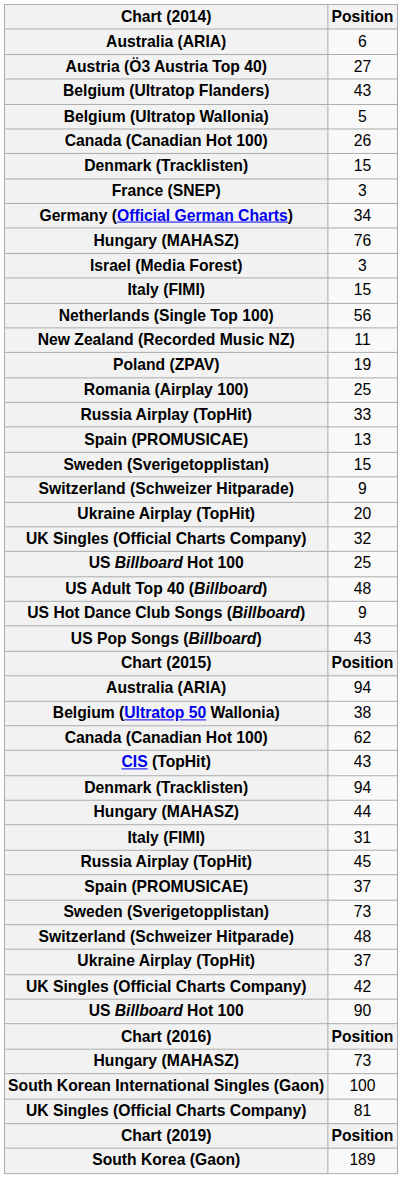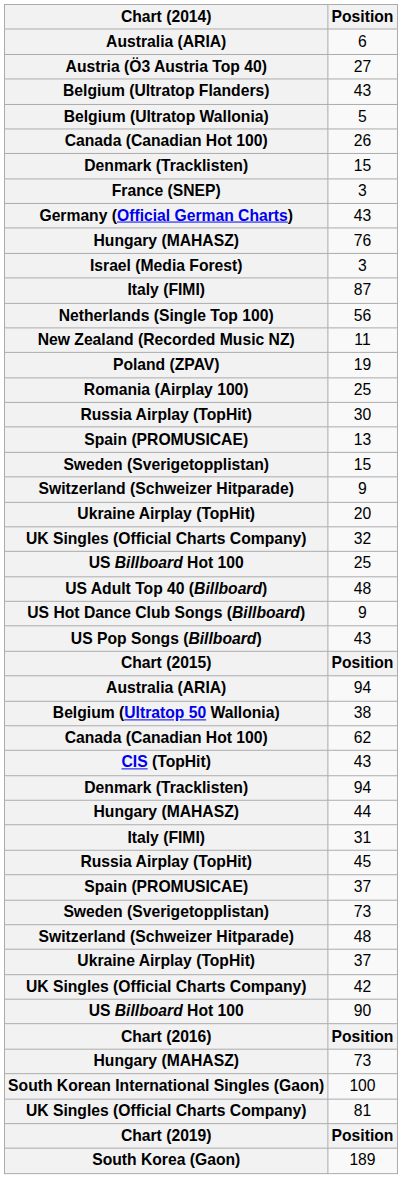 <table class="wikitable plainrowheaders sortable" style="text-align:center;">
 <tr>
 <th>Chart (2014)</th>
 <th>Position</th>
 </tr>
 <tr>
 <th scope="row">Australia (ARIA)</th>
 <td>6</td>
 </tr>
 <tr>
 <th scope="row">Austria (Ö3 Austria Top 40)</th>
 <td>27</td>
 </tr>
 <tr>
 <th scope="row">Belgium (Ultratop Flanders)</th>
 <td>43</td>
 </tr>
 <tr>
 <th scope="row">Belgium (Ultratop Wallonia)</th>
 <td>5</td>
 </tr>
 <tr>
 <th scope="row">Canada (Canadian Hot 100)</th>
 <td>26</td>
 </tr>
 <tr>
 <th scope="row">Denmark (Tracklisten)</th>
 <td>15</td>
 </tr>
 <tr>
 <th scope="row">France (SNEP)</th>
 <td>3</td>
 </tr>
 <tr>
 <th scope="row">Germany (<a href='#'>Official German Charts</a>)</th>
-<td>34</td>
+<td>43</td>
 </tr>
 <tr>
 <th scope="row">Hungary (MAHASZ)</th>
 <td>76</td>
 </tr>
 <tr>
 <th scope="row">Israel (Media Forest)</th>
 <td>3</td>
 </tr>
 <tr>
 <th scope="row">Italy (FIMI)</th>
-<td>15</td>
+<td>87</td>
 </tr>
 <tr>
 <th scope="row">Netherlands (Single Top 100)</th>
 <td>56</td>
 </tr>
 <tr>
 <th scope="row">New Zealand (Recorded Music NZ)</th>
 <td>11</td>
 </tr>
 <tr>
 <th scope="row">Poland (ZPAV)</th>
 <td>19</td>
 </tr>
 <tr>
 <th scope="row">Romania (Airplay 100)</th>
 <td>25</td>
 </tr>
 <tr>
 <th scope="row">Russia Airplay (TopHit)</th>
-<td style="text-align:center;">33</td>
+<td style="text-align:center;">30</td>
 </tr>
 <tr>
 <th scope="row">Spain (PROMUSICAE)</th>
 <td>13</td>
 </tr>
 <tr>
 <th scope="row">Sweden (Sverigetopplistan)</th>
 <td>15</td>
 </tr>
 <tr>
 <th scope="row">Switzerland (Schweizer Hitparade)</th>
 <td>9</td>
 </tr>
 <tr>
 <th scope="row">Ukraine Airplay (TopHit)</th>
 <td style="text-align:center;">20</td>
 </tr>
 <tr>
 <th scope="row">UK Singles (Official Charts Company)</th>
 <td>32</td>
 </tr>
 <tr>
 <th scope="row">US <em>Billboard</em> Hot 100</th>
 <td>25</td>
 </tr>
 <tr>
 <th scope="row">US Adult Top 40 (<em>Billboard</em>)</th>
 <td>48</td>
 </tr>
 <tr>
 <th scope="row">US Hot Dance Club Songs (<em>Billboard</em>)</th>
 <td>9</td>
 </tr>
 <tr>
 <th scope="row">US Pop Songs (<em>Billboard</em>)</th>
 <td>43</td>
 </tr>
 <tr>
 <th>Chart (2015)</th>
 <th>Position</th>
 </tr>
 <tr>
 <th scope="row">Australia (ARIA)</th>
 <td>94</td>
 </tr>
 <tr>
 <th scope="row">Belgium (<a href='#'>Ultratop 50</a> Wallonia)</th>
 <td>38</td>
 </tr>
 <tr>
 <th scope="row">Canada (Canadian Hot 100)</th>
 <td>62</td>
 </tr>
 <tr>
 <th scope="row"><a href='#'>CIS</a> (TopHit)</th>
 <td style="text-align:center;">43</td>
 </tr>
 <tr>
 <th scope="row">Denmark (Tracklisten)</th>
 <td>94</td>
 </tr>
 <tr>
 <th scope="row">Hungary (MAHASZ)</th>
 <td>44</td>
 </tr>
 <tr>
 <th scope="row">Italy (FIMI)</th>
 <td>31</td>
 </tr>
 <tr>
 <th scope="row">Russia Airplay (TopHit)</th>
 <td style="text-align:center;">45</td>
 </tr>
 <tr>
 <th scope="row">Spain (PROMUSICAE)</th>
 <td align="center">37</td>
 </tr>
 <tr>
 <th scope="row">Sweden (Sverigetopplistan)</th>
 <td>73</td>
 </tr>
 <tr>
 <th scope="row">Switzerland (Schweizer Hitparade)</th>
 <td>48</td>
 </tr>
 <tr>
 <th scope="row">Ukraine Airplay (TopHit)</th>
 <td style="text-align:center;">37</td>
 </tr>
 <tr>
 <th scope="row">UK Singles (Official Charts Company)</th>
 <td>42</td>
 </tr>
 <tr>
 <th scope="row">US <em>Billboard</em> Hot 100</th>
 <td>90</td>
 </tr>
 <tr>
 <th>Chart (2016)</th>
 <th>Position</th>
 </tr>
 <tr>
 <th scope="row">Hungary (MAHASZ)</th>
 <td>73</td>
 </tr>
 <tr>
 <th scope="row">South Korean International Singles (Gaon)</th>
 <td>100</td>
 </tr>
 <tr>
 <th scope="row">UK Singles (Official Charts Company)</th>
 <td>81</td>
 </tr>
 <tr>
 <th>Chart (2019)</th>
 <th>Position</th>
 </tr>
 <tr>
 <th scope="row">South Korea (Gaon)</th>
 <td>189</td>
 </tr>
 </table>
